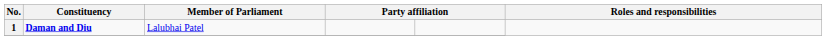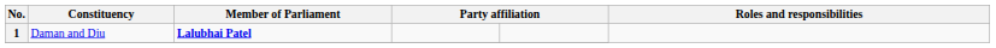 <table class="wikitable">
 <tr style="text-align:center;">
 <th>No.</th>
 <th style="width:12em">Constituency</th>
 <th style="width:18em">Member of Parliament</th>
 <th colspan="2" style="width:18em">Party affiliation</th>
 <th style="width:32em">Roles and responsibilities</th>
 </tr>
 <tr>
 <th>1</th>
-<td><strong><a href='#'>Daman and Diu</a></strong></td>
-<td><a href='#'>Lalubhai Patel</a></td>
+<td><a href='#'>Daman and Diu</a></td>
+<td><strong><a href='#'>Lalubhai Patel</a></strong></td>
 <td></td>
 <td></td>
 </tr>
 <tr>
 </tr>
 </table>
